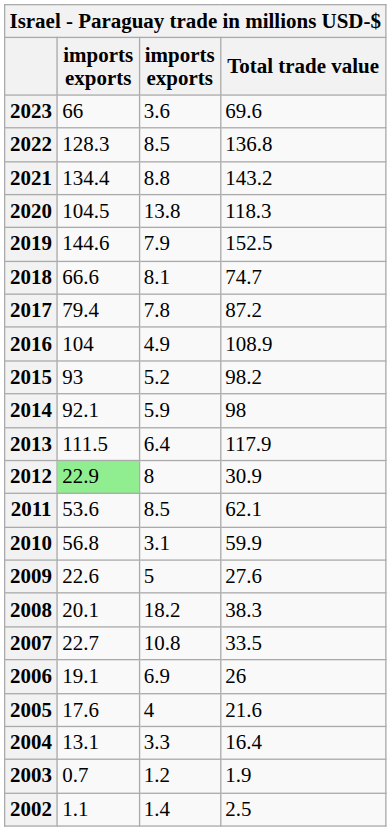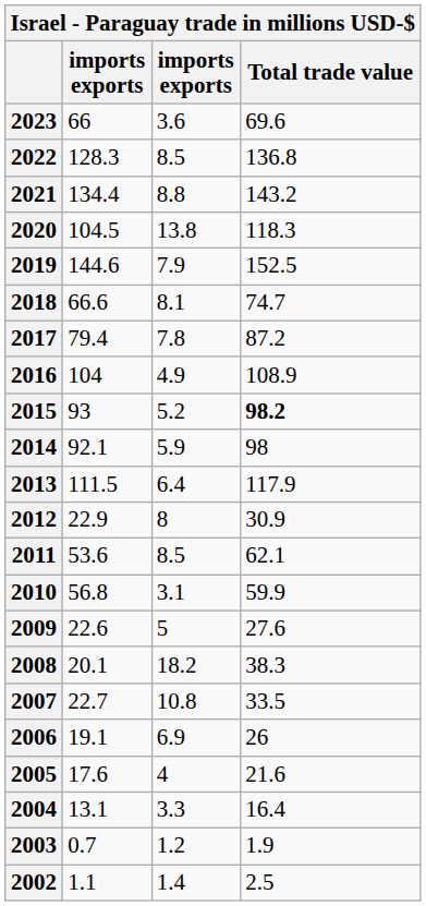 <table class="wikitable mw-collapsible mw-collapsed">
 <tr>
 <th colspan="4">Israel - Paraguay trade in millions USD-$</th>
 </tr>
 <tr>
 <th></th>
 <th> imports<br> exports</th>
 <th> imports<br> exports</th>
 <th>Total trade value</th>
 </tr>
 <tr>
 <th>2023</th>
 <td>66</td>
 <td>3.6</td>
 <td>69.6</td>
 </tr>
 <tr>
 <th>2022</th>
 <td>128.3</td>
 <td>8.5</td>
 <td>136.8</td>
 </tr>
 <tr>
 <th>2021</th>
 <td>134.4</td>
 <td>8.8</td>
 <td>143.2</td>
 </tr>
 <tr>
 <th>2020</th>
 <td>104.5</td>
 <td>13.8</td>
 <td>118.3</td>
 </tr>
 <tr>
 <th>2019</th>
 <td>144.6</td>
 <td>7.9</td>
 <td>152.5</td>
 </tr>
 <tr>
 <th>2018</th>
 <td>66.6</td>
 <td>8.1</td>
 <td>74.7</td>
 </tr>
 <tr>
 <th>2017</th>
 <td>79.4</td>
 <td>7.8</td>
 <td>87.2</td>
 </tr>
 <tr>
 <th>2016</th>
 <td>104</td>
 <td>4.9</td>
 <td>108.9</td>
 </tr>
 <tr>
 <th>2015</th>
 <td>93</td>
 <td>5.2</td>
-<td>98.2</td>
+<td><strong>98.2</strong></td>
 </tr>
 <tr>
 <th>2014</th>
 <td>92.1</td>
 <td>5.9</td>
 <td>98</td>
 </tr>
 <tr>
 <th>2013</th>
 <td>111.5</td>
 <td>6.4</td>
 <td>117.9</td>
 </tr>
 <tr>
 <th>2012</th>
-<td style="background: lightgreen;">22.9</td>
+<td>22.9</td>
 <td>8</td>
 <td>30.9</td>
 </tr>
 <tr>
 <th>2011</th>
 <td>53.6</td>
 <td>8.5</td>
 <td>62.1</td>
 </tr>
 <tr>
 <th>2010</th>
 <td>56.8</td>
 <td>3.1</td>
 <td>59.9</td>
 </tr>
 <tr>
 <th>2009</th>
 <td>22.6</td>
 <td>5</td>
 <td>27.6</td>
 </tr>
 <tr>
 <th>2008</th>
 <td>20.1</td>
 <td>18.2</td>
 <td>38.3</td>
 </tr>
 <tr>
 <th>2007</th>
 <td>22.7</td>
 <td>10.8</td>
 <td>33.5</td>
 </tr>
 <tr>
 <th>2006</th>
 <td>19.1</td>
 <td>6.9</td>
 <td>26</td>
 </tr>
 <tr>
 <th>2005</th>
 <td>17.6</td>
 <td>4</td>
 <td>21.6</td>
 </tr>
 <tr>
 <th>2004</th>
 <td>13.1</td>
 <td>3.3</td>
 <td>16.4</td>
 </tr>
 <tr>
 <th>2003</th>
 <td>0.7</td>
 <td>1.2</td>
 <td>1.9</td>
 </tr>
 <tr>
 <th>2002</th>
 <td>1.1</td>
 <td>1.4</td>
 <td>2.5</td>
 </tr>
 </table>
